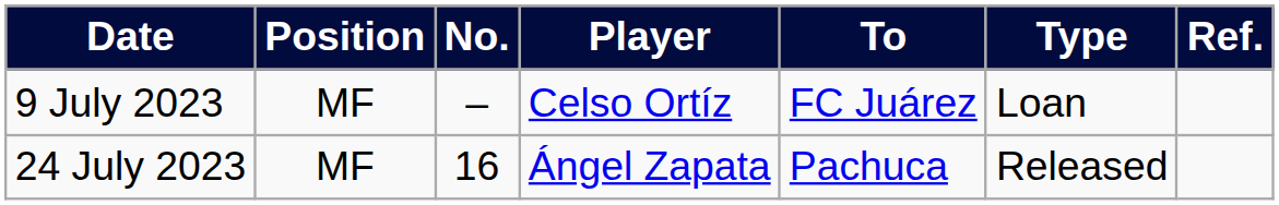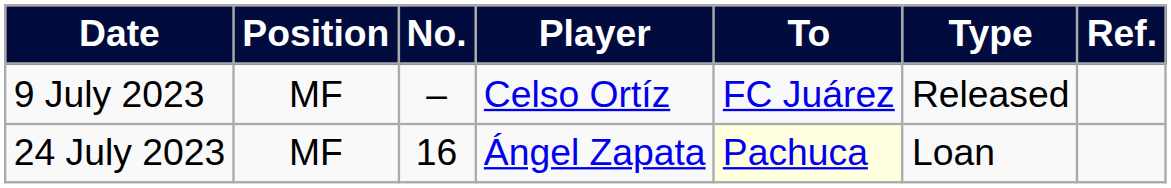 <table class="wikitable plainrowheaders sortable">
 <tr>
 <th style="background:#020B3E; color:#FFFFFF; ">Date</th>
 <th style="background:#020B3E; color:#FFFFFF; ">Position</th>
 <th style="background:#020B3E; color:#FFFFFF; ">No.</th>
 <th style="background:#020B3E; color:#FFFFFF; ">Player</th>
 <th style="background:#020B3E; color:#FFFFFF; ">To</th>
 <th style="background:#020B3E; color:#FFFFFF; ">Type</th>
 <th style="background:#020B3E; color:#FFFFFF; ">Ref.</th>
 </tr>
 <tr>
 <td>9 July 2023</td>
 <td style="text-align:center;">MF</td>
 <td style="text-align:center;">–</td>
 <td style="text-align:left;"> <a href='#'>Celso Ortíz</a></td>
 <td style="text-align:left;"> <a href='#'>FC Juárez</a></td>
-<td>Loan</td>
+<td>Released</td>
 <td></td>
 </tr>
 <tr>
 <td>24 July 2023</td>
 <td style="text-align:center;">MF</td>
 <td style="text-align:center;">16</td>
 <td style="text-align:left;"> <a href='#'>Ángel Zapata</a></td>
-<td style="text-align:left;"> <a href='#'>Pachuca</a></td>
-<td>Released</td>
+<td style="background: lightyellow; text-align:left;"> <a href='#'>Pachuca</a></td>
+<td>Loan</td>
 <td></td>
 </tr>
 </table>
